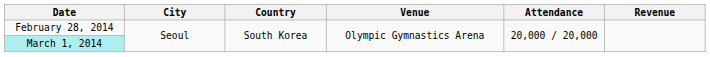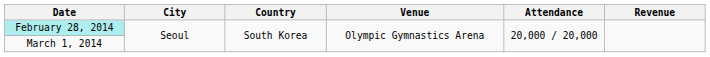 <table class="wikitable plainrowheaders" style="text-align:center;">
 <tr>
 <th scope="col" style="width:12em;">Date</th>
 <th scope="col" style="width:10em;">City</th>
 <th scope="col" style="width:10em;">Country</th>
 <th scope="col" style="width:18em;">Venue</th>
 <th scope="col" style="width:10em;">Attendance</th>
 <th scope="col" style="width:10em;">Revenue</th>
 </tr>
 <tr>
-<td>February 28, 2014</td>
+<td style="background: paleturquoise;">February 28, 2014</td>
 <td rowspan="2">Seoul</td>
 <td rowspan="2">South Korea</td>
 <td rowspan="2">Olympic Gymnastics Arena</td>
 <td rowspan="2">20,000 / 20,000</td>
 <td rowspan="2"></td>
 </tr>
 <tr>
-<td style="background: paleturquoise;">March 1, 2014</td>
+<td>March 1, 2014</td>
 </tr>
 </table>
